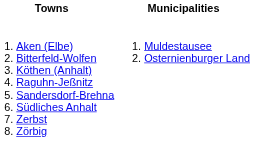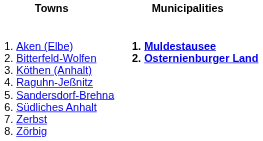 <table>
 <tr ---->
 <th>Towns</th>
 <th>Municipalities</th>
 </tr>
 <tr>
 <td valign=top><br><ol><li><a href='#'>Aken (Elbe)</a></li><li><a href='#'>Bitterfeld-Wolfen</a></li><li><a href='#'>Köthen (Anhalt)</a></li><li><a href='#'>Raguhn-Jeßnitz</a></li><li><a href='#'>Sandersdorf-Brehna</a></li><li><a href='#'>Südliches Anhalt</a></li><li><a href='#'>Zerbst</a></li><li><a href='#'>Zörbig</a></li></ol></td>
-<td valign=top><br><ol><li><a href='#'>Muldestausee</a></li><li><a href='#'>Osternienburger Land</a></li></ol></td>
+<td valign=top><strong><br><ol><li><a href='#'>Muldestausee</a></li><li><a href='#'>Osternienburger Land</a></li></ol></strong></td>
 </tr>
 </table>
